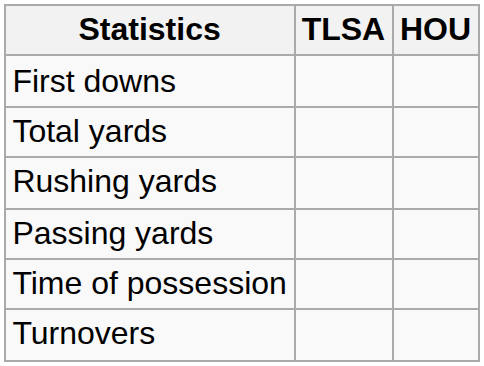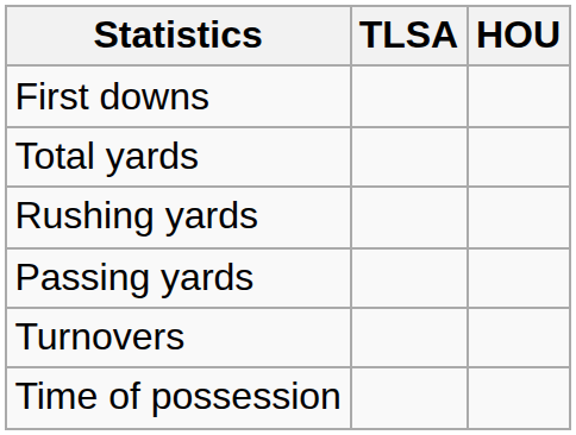 <table class="wikitable">
 <tr>
 <th>Statistics</th>
 <th>TLSA</th>
 <th>HOU</th>
 </tr>
 <tr>
 <td>First downs</td>
 <td></td>
 <td></td>
 </tr>
 <tr>
 <td>Total yards</td>
 <td></td>
 <td></td>
 </tr>
 <tr>
 <td>Rushing yards</td>
 <td></td>
 <td></td>
 </tr>
 <tr>
 <td>Passing yards</td>
 <td></td>
 <td></td>
 </tr>
 <tr>
-<td>Time of possession</td>
+<td>Turnovers</td>
 <td></td>
 <td></td>
 </tr>
 <tr>
-<td>Turnovers</td>
+<td>Time of possession</td>
 <td></td>
 <td></td>
 </tr>
 <tr>
 </tr>
 </table>
